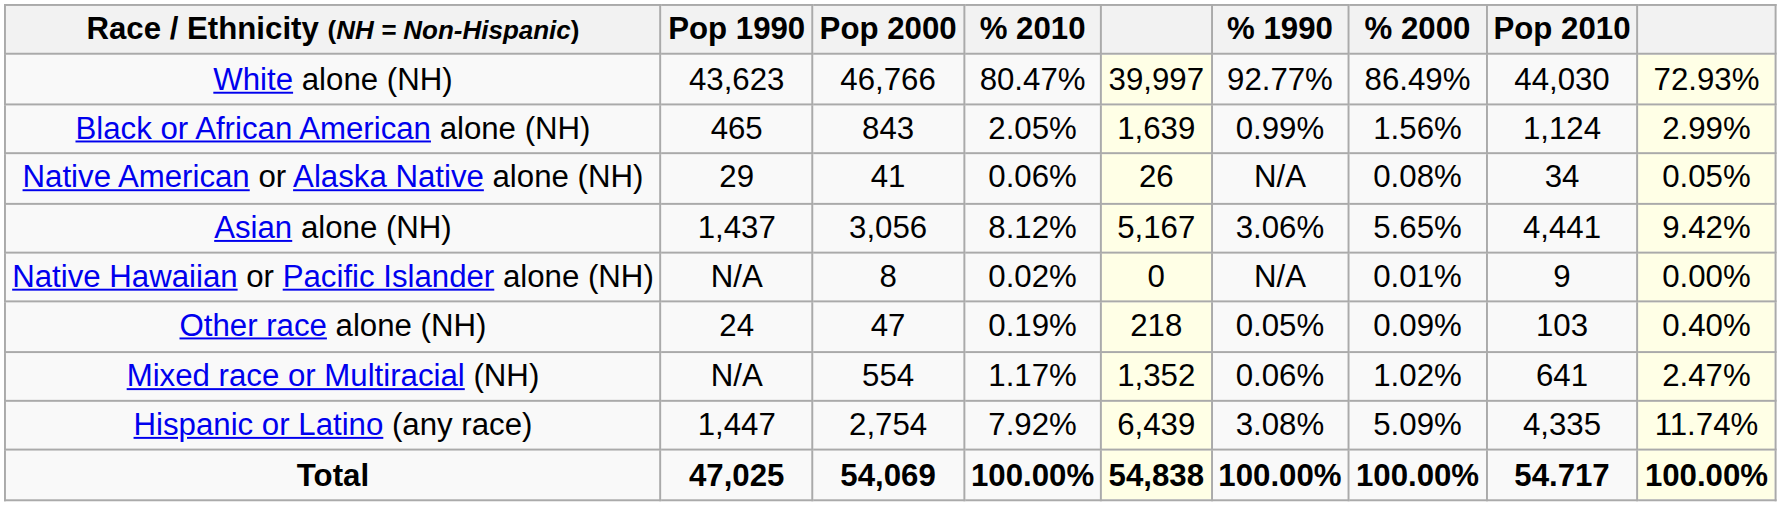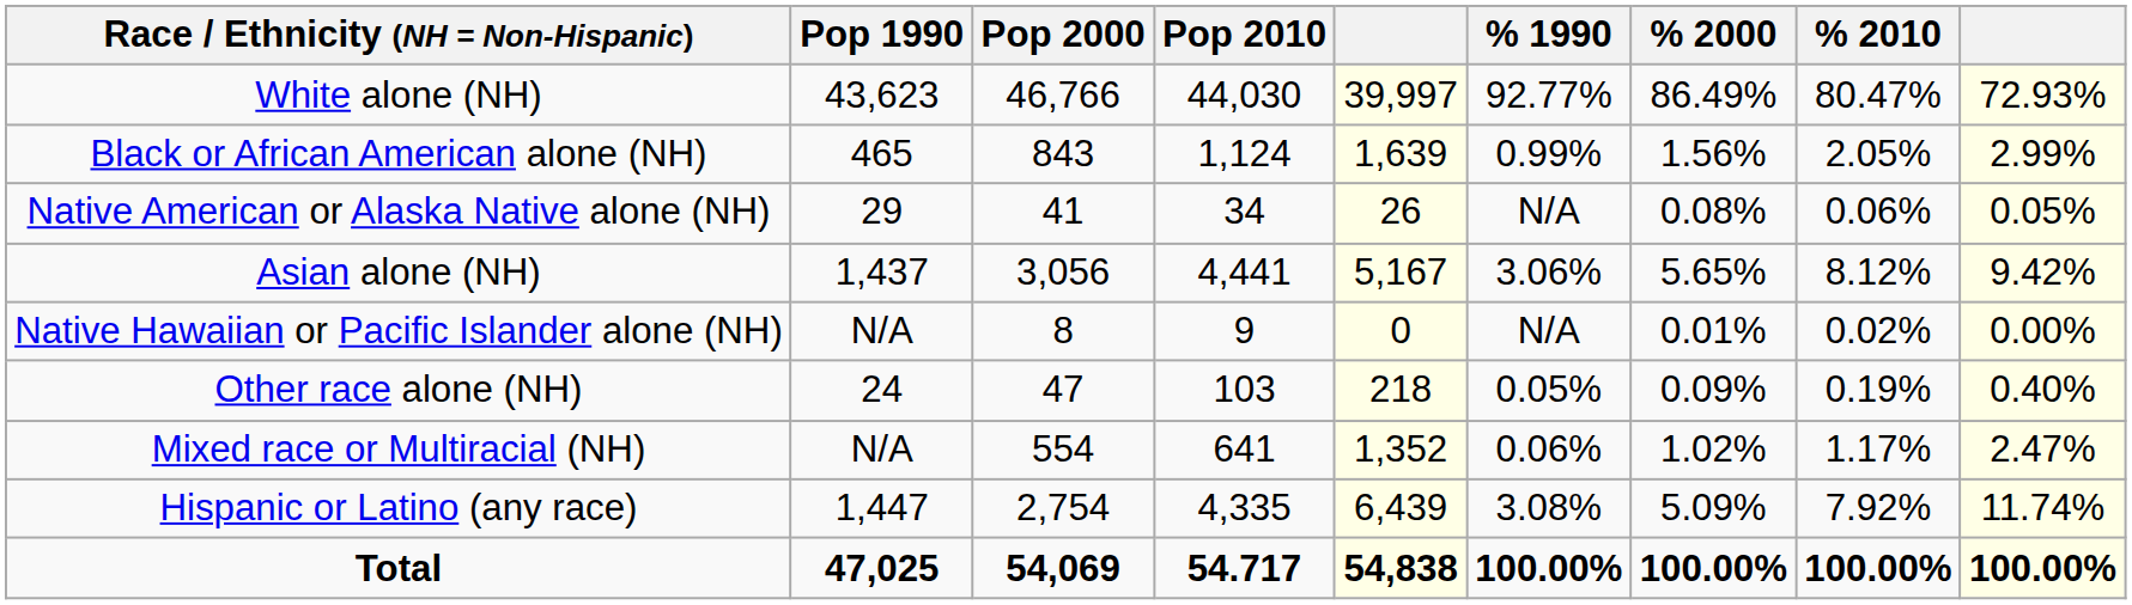 <table class="wikitable" style="text-align:center;">
 <tr>
 <th>Race / Ethnicity <small>(<em>NH = Non-Hispanic</em>)</small></th>
 <th>Pop 1990</th>
 <th>Pop 2000</th>
-<th>% 2010</th>
+<th>Pop 2010</th>
 <th></th>
 <th>% 1990</th>
 <th>% 2000</th>
-<th>Pop 2010</th>
+<th>% 2010</th>
 <th></th>
 </tr>
 <tr>
 <td><a href='#'>White</a> alone (NH)</td>
 <td>43,623</td>
 <td>46,766</td>
-<td>80.47%</td>
+<td>44,030</td>
 <td style='background: #ffffe6;'>39,997</td>
 <td>92.77%</td>
 <td>86.49%</td>
-<td>44,030</td>
+<td>80.47%</td>
 <td style='background: #ffffe6;'>72.93%</td>
 </tr>
 <tr>
 <td><a href='#'>Black or African American</a> alone (NH)</td>
 <td>465</td>
 <td>843</td>
-<td>2.05%</td>
+<td>1,124</td>
 <td style='background: #ffffe6;'>1,639</td>
 <td>0.99%</td>
 <td>1.56%</td>
-<td>1,124</td>
+<td>2.05%</td>
 <td style='background: #ffffe6;'>2.99%</td>
 </tr>
 <tr>
 <td><a href='#'>Native American</a> or <a href='#'>Alaska Native</a> alone (NH)</td>
 <td>29</td>
 <td>41</td>
-<td>0.06%</td>
+<td>34</td>
 <td style='background: #ffffe6;'>26</td>
 <td>N/A</td>
 <td>0.08%</td>
-<td>34</td>
+<td>0.06%</td>
 <td style='background: #ffffe6;'>0.05%</td>
 </tr>
 <tr>
 <td><a href='#'>Asian</a> alone (NH)</td>
 <td>1,437</td>
 <td>3,056</td>
-<td>8.12%</td>
+<td>4,441</td>
 <td style='background: #ffffe6;'>5,167</td>
 <td>3.06%</td>
 <td>5.65%</td>
-<td>4,441</td>
+<td>8.12%</td>
 <td style='background: #ffffe6;'>9.42%</td>
 </tr>
 <tr>
 <td><a href='#'>Native Hawaiian</a> or <a href='#'>Pacific Islander</a> alone (NH)</td>
 <td>N/A</td>
 <td>8</td>
-<td>0.02%</td>
+<td>9</td>
 <td style='background: #ffffe6;'>0</td>
 <td>N/A</td>
 <td>0.01%</td>
-<td>9</td>
+<td>0.02%</td>
 <td style='background: #ffffe6;'>0.00%</td>
 </tr>
 <tr>
 <td><a href='#'>Other race</a> alone (NH)</td>
 <td>24</td>
 <td>47</td>
-<td>0.19%</td>
+<td>103</td>
 <td style='background: #ffffe6;'>218</td>
 <td>0.05%</td>
 <td>0.09%</td>
-<td>103</td>
+<td>0.19%</td>
 <td style='background: #ffffe6;'>0.40%</td>
 </tr>
 <tr>
 <td><a href='#'>Mixed race or Multiracial</a> (NH)</td>
 <td>N/A</td>
 <td>554</td>
-<td>1.17%</td>
+<td>641</td>
 <td style='background: #ffffe6;'>1,352</td>
 <td>0.06%</td>
 <td>1.02%</td>
-<td>641</td>
+<td>1.17%</td>
 <td style='background: #ffffe6;'>2.47%</td>
 </tr>
 <tr>
 <td><a href='#'>Hispanic or Latino</a> (any race)</td>
 <td>1,447</td>
 <td>2,754</td>
-<td>7.92%</td>
+<td>4,335</td>
 <td style='background: #ffffe6;'>6,439</td>
 <td>3.08%</td>
 <td>5.09%</td>
-<td>4,335</td>
+<td>7.92%</td>
 <td style='background: #ffffe6;'>11.74%</td>
 </tr>
 <tr>
 <td><strong>Total</strong></td>
 <td><strong>47,025</strong></td>
 <td><strong>54,069</strong></td>
-<td><strong>100.00%</strong></td>
+<td><strong>54.717</strong></td>
 <td style='background: #ffffe6;'><strong>54,838</strong></td>
 <td><strong>100.00%</strong></td>
 <td><strong>100.00%</strong></td>
-<td><strong>54.717</strong></td>
+<td><strong>100.00%</strong></td>
 <td style='background: #ffffe6;'><strong>100.00%</strong></td>
 </tr>
 </table>
